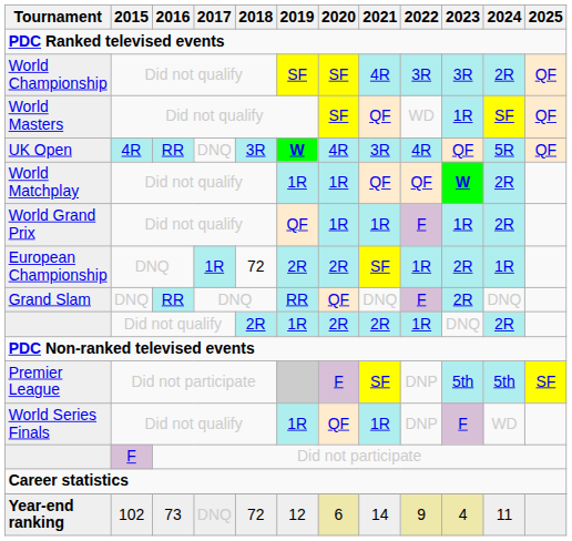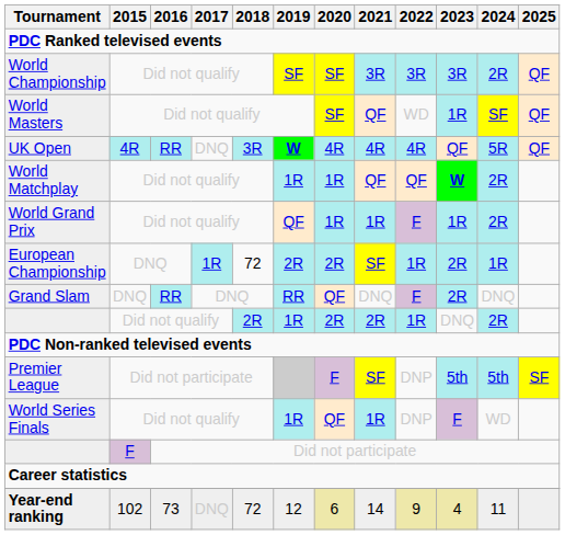 <table class="wikitable" style="width:30%; margin:0">
 <tr>
 <th>Tournament</th>
 <th>2015</th>
 <th>2016</th>
 <th>2017</th>
 <th>2018</th>
 <th>2019</th>
 <th>2020</th>
 <th>2021</th>
 <th>2022</th>
 <th>2023</th>
 <th>2024</th>
 <th>2025</th>
 </tr>
 <tr>
 <td colspan="19" align="left"><strong><a href='#'>PDC</a> Ranked televised events</strong></td>
 </tr>
 <tr>
 <td style="background:#efefef;"><a href='#'>World Championship</a></td>
 <td colspan="4" style="text-align:center; color:#ccc;">Did not qualify</td>
 <td style="text-align:center; background:yellow;"><a href='#'>SF</a></td>
 <td style="text-align:center; background:yellow;"><a href='#'>SF</a></td>
-<td style="text-align:center; background:#afeeee;"><a href='#'>4R</a></td>
+<td style="text-align:center; background:#afeeee;"><a href='#'>3R</a></td>
 <td style="text-align:center; background:#afeeee;"><a href='#'>3R</a></td>
 <td style="text-align:center; background:#afeeee;"><a href='#'>3R</a></td>
 <td style="text-align:center; background:#afeeee;"><a href='#'>2R</a></td>
 <td style="text-align:center; background:#ffebcd;"><a href='#'>QF</a></td>
 </tr>
 <tr>
 <td style="background:#efefef;"><a href='#'>World Masters</a></td>
 <td colspan="5" style="text-align:center; color:#ccc;">Did not qualify</td>
 <td style="text-align:center; background:yellow;"><a href='#'>SF</a></td>
 <td style="text-align:center; background:#ffebcd;"><a href='#'>QF</a></td>
 <td style="text-align:center; color:#ccc;">WD</td>
 <td style="text-align:center; background:#afeeee;"><a href='#'>1R</a></td>
 <td style="text-align:center; background:yellow;"><a href='#'>SF</a></td>
 <td style="text-align:center; background:#ffebcd;"><a href='#'>QF</a></td>
 </tr>
 <tr>
 <td style="background:#efefef;"><a href='#'>UK Open</a></td>
 <td style="text-align:center; background:#afeeee;"><a href='#'>4R</a></td>
 <td style="text-align:center; background:#afeeee;"><a href='#'>RR</a></td>
 <td style="text-align:center; color:#ccc;">DNQ</td>
 <td style="text-align:center; background:#afeeee;"><a href='#'>3R</a></td>
 <td style="text-align:center; background:#0f0;"><strong><a href='#'>W</a></strong></td>
 <td style="text-align:center; background:#afeeee;"><a href='#'>4R</a></td>
-<td style="text-align:center; background:#afeeee;"><a href='#'>3R</a></td>
+<td style="text-align:center; background:#afeeee;"><a href='#'>4R</a></td>
 <td style="text-align:center; background:#afeeee;"><a href='#'>4R</a></td>
 <td style="text-align:center; background:#ffebcd;"><a href='#'>QF</a></td>
 <td style="text-align:center; background:#afeeee;"><a href='#'>5R</a></td>
 <td style="text-align:center; background:#ffebcd;"><a href='#'>QF</a></td>
 </tr>
 <tr>
 <td style="background:#efefef;"><a href='#'>World Matchplay</a></td>
 <td colspan="4" style="text-align:center; color:#ccc;">Did not qualify</td>
 <td style="text-align:center; background:#afeeee;"><a href='#'>1R</a></td>
 <td style="text-align:center; background:#afeeee;"><a href='#'>1R</a></td>
 <td style="text-align:center; background:#ffebcd;"><a href='#'>QF</a></td>
 <td style="text-align:center; background:#ffebcd;"><a href='#'>QF</a></td>
 <td style="text-align:center; background:lime;"><a href='#'><strong>W</strong></a></td>
 <td style="text-align:center; background:#afeeee;"><a href='#'>2R</a></td>
 <td></td>
 </tr>
 <tr>
 <td style="background:#efefef;"><a href='#'>World Grand Prix</a></td>
 <td colspan="4" style="text-align:center; color:#ccc;">Did not qualify</td>
 <td style="text-align:center; background:#ffebcd;"><a href='#'>QF</a></td>
 <td style="text-align:center; background:#afeeee;"><a href='#'>1R</a></td>
 <td style="text-align:center; background:#afeeee;"><a href='#'>1R</a></td>
 <td style="text-align:center; background:thistle;"><a href='#'>F</a></td>
 <td style="text-align:center; background:#afeeee;"><a href='#'>1R</a></td>
 <td style="text-align:center; background:#afeeee;"><a href='#'>2R</a></td>
 <td></td>
 </tr>
 <tr>
 <td style="background:#efefef;"><a href='#'>European Championship</a></td>
 <td colspan="2" style="text-align:center; color:#ccc;">DNQ</td>
 <td style="text-align:center; background:#afeeee;"><a href='#'>1R</a></td>
 <td style="text-align:center;">72</td>
 <td style="text-align:center; background:#afeeee;"><a href='#'>2R</a></td>
 <td style="text-align:center; background:#afeeee;"><a href='#'>2R</a></td>
 <td style="text-align:center; background:yellow;"><a href='#'>SF</a></td>
 <td style="text-align:center; background:#afeeee;"><a href='#'>1R</a></td>
 <td style="text-align:center; background:#afeeee;"><a href='#'>2R</a></td>
 <td style="text-align:center; background:#afeeee;"><a href='#'>1R</a></td>
 <td></td>
 </tr>
 <tr>
 <td style="background:#efefef;"><a href='#'>Grand Slam</a></td>
 <td style="text-align:center; color:#ccc;">DNQ</td>
 <td style="text-align:center; background:#afeeee;"><a href='#'>RR</a></td>
 <td colspan="2" style="text-align:center; color:#ccc;">DNQ</td>
 <td style="text-align:center; background:#afeeee;"><a href='#'>RR</a></td>
 <td style="text-align:center; background:#ffebcd;"><a href='#'>QF</a></td>
 <td style="text-align:center; color:#ccc;">DNQ</td>
 <td style="text-align:center; background:thistle;"><a href='#'>F</a></td>
 <td style="text-align:center; background:#afeeee;"><a href='#'>2R</a></td>
 <td style="text-align:center; color:#ccc;">DNQ</td>
 <td></td>
 </tr>
 <tr>
 <td style="background:#efefef;"></td>
 <td colspan="3" style="text-align:center; color:#ccc;">Did not qualify</td>
 <td style="text-align:center; background:#afeeee;"><a href='#'>2R</a></td>
 <td style="text-align:center; background:#afeeee;"><a href='#'>1R</a></td>
 <td style="text-align:center; background:#afeeee;"><a href='#'>2R</a></td>
 <td style="text-align:center; background:#afeeee;"><a href='#'>2R</a></td>
 <td style="text-align:center; background:#afeeee;"><a href='#'>1R</a></td>
 <td style="text-align:center; color:#ccc;">DNQ</td>
 <td style="text-align:center; background:#afeeee;"><a href='#'>2R</a></td>
 <td></td>
 </tr>
 <tr>
 <td colspan="19" align="left"><strong><a href='#'>PDC</a> Non-ranked televised events</strong></td>
 </tr>
 <tr>
 <td style="background:#efefef;"><a href='#'>Premier League</a></td>
 <td colspan="4" style="text-align:center; color:#ccc;">Did not participate</td>
 <td style="text-align:center; background:#ccc;"><a href='#'></a></td>
 <td style="text-align:center; background:thistle;"><a href='#'>F</a></td>
 <td style="text-align:center; background:yellow;"><a href='#'>SF</a></td>
 <td style="text-align:center; color:#ccc;">DNP</td>
 <td style="text-align:center; background:#afeeee;"><a href='#'>5th</a></td>
 <td style="text-align:center; background:#afeeee;"><a href='#'>5th</a></td>
 <td style="text-align:center; background:yellow;"><a href='#'>SF</a></td>
 </tr>
 <tr>
 <td style="background:#efefef;"><a href='#'>World Series Finals</a></td>
 <td colspan="4" style="text-align:center; color:#ccc;">Did not qualify</td>
 <td style="text-align:center; background:#afeeee;"><a href='#'>1R</a></td>
 <td style="text-align:center; background:#ffebcd;"><a href='#'>QF</a></td>
 <td style="text-align:center; background:#afeeee;"><a href='#'>1R</a></td>
 <td style="text-align:center; color:#ccc;">DNP</td>
 <td style="text-align:center; background:thistle;"><a href='#'>F</a></td>
 <td style="text-align:center; color:#ccc;">WD</td>
 <td></td>
 </tr>
 <tr>
 <td style="background:#efefef;"></td>
 <td style="text-align:center; background:thistle;"><a href='#'>F</a></td>
 <td colspan="10" style="text-align:center; color:#ccc;">Did not participate</td>
 </tr>
 <tr>
 <td colspan="19" align="left"><strong>Career statistics</strong></td>
 </tr>
 <tr>
 </tr>
 <tr bgcolor="efefef">
 <td align="left"><strong>Year-end ranking</strong></td>
 <td style="text-align:center;">102</td>
 <td style="text-align:center;">73</td>
 <td style="text-align:center; color:#ccc;">DNQ</td>
 <td style="text-align:center;">72</td>
 <td style="text-align:center;">12</td>
 <td style="text-align:center; background:#eee8aa;">6</td>
 <td style="text-align:center;">14</td>
 <td style="text-align:center; background:#eee8aa">9</td>
 <td style="text-align:center; background:#eee8aa;">4</td>
 <td style="text-align:center;">11</td>
 <td></td>
 </tr>
 </table>
